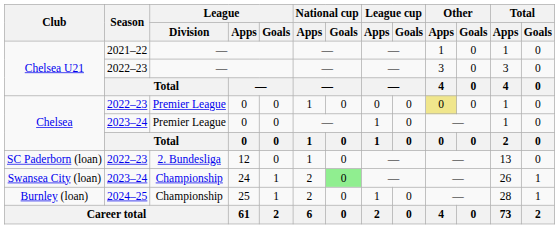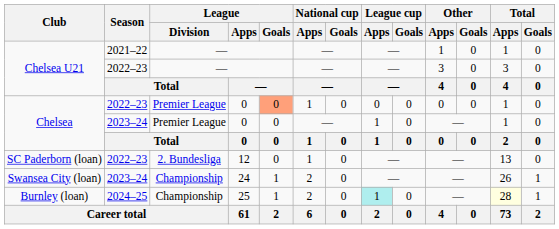 <table class="wikitable" style="text-align: center;">
 <tr>
 <th rowspan="2">Club</th>
 <th rowspan="2">Season</th>
 <th colspan="3">League</th>
 <th colspan="2">National cup</th>
 <th colspan="2">League cup</th>
 <th colspan="2">Other</th>
 <th colspan="2">Total</th>
 </tr>
 <tr>
 <th>Division</th>
 <th>Apps</th>
 <th>Goals</th>
 <th>Apps</th>
 <th>Goals</th>
 <th>Apps</th>
 <th>Goals</th>
 <th>Apps</th>
 <th>Goals</th>
 <th>Apps</th>
 <th>Goals</th>
 </tr>
 <tr>
 <td rowspan="3"><a href='#'>Chelsea U21</a></td>
 <td>2021–22</td>
 <td colspan="3">—</td>
 <td colspan="2">—</td>
 <td colspan="2">—</td>
 <td>1</td>
 <td>0</td>
 <td>1</td>
 <td>0</td>
 </tr>
 <tr>
 <td>2022–23</td>
 <td colspan="3">—</td>
 <td colspan="2">—</td>
 <td colspan="2">—</td>
 <td>3</td>
 <td>0</td>
 <td>3</td>
 <td>0</td>
 </tr>
 <tr>
 <th colspan=2>Total</th>
 <th colspan=2>—</th>
 <th colspan=2>—</th>
 <th colspan=2>—</th>
 <th>4</th>
 <th>0</th>
 <th>4</th>
 <th>0</th>
 </tr>
 <tr>
 <td rowspan="3"><a href='#'>Chelsea</a></td>
 <td><a href='#'>2022–23</a></td>
 <td><a href='#'>Premier League</a></td>
 <td>0</td>
-<td>0</td>
+<td style="background: lightsalmon;">0</td>
 <td>1</td>
 <td>0</td>
 <td>0</td>
 <td>0</td>
-<td style="background: khaki;">0</td>
+<td>0</td>
 <td>0</td>
 <td>1</td>
 <td>0</td>
 </tr>
 <tr>
 <td><a href='#'>2023–24</a></td>
 <td>Premier League</td>
 <td>0</td>
 <td>0</td>
 <td colspan="2">—</td>
 <td>1</td>
 <td>0</td>
 <td colspan="2">—</td>
 <td>1</td>
 <td>0</td>
 </tr>
 <tr>
 <th colspan=2>Total</th>
 <th>0</th>
 <th>0</th>
 <th>1</th>
 <th>0</th>
 <th>1</th>
 <th>0</th>
 <th>0</th>
 <th>0</th>
 <th>2</th>
 <th>0</th>
 </tr>
 <tr>
 <td><a href='#'>SC Paderborn</a> (loan)</td>
 <td><a href='#'>2022–23</a></td>
 <td><a href='#'>2. Bundesliga</a></td>
 <td>12</td>
 <td>0</td>
 <td>1</td>
 <td>0</td>
 <td colspan="2">—</td>
 <td colspan="2">—</td>
 <td>13</td>
 <td>0</td>
 </tr>
 <tr>
 <td><a href='#'>Swansea City</a> (loan)</td>
 <td><a href='#'>2023–24</a></td>
 <td><a href='#'>Championship</a></td>
 <td>24</td>
 <td>1</td>
 <td>2</td>
-<td style="background: lightgreen;">0</td>
+<td>0</td>
 <td colspan="2">—</td>
 <td colspan="2">—</td>
 <td>26</td>
 <td>1</td>
 </tr>
 <tr>
 <td><a href='#'>Burnley</a> (loan)</td>
 <td><a href='#'>2024–25</a></td>
 <td>Championship</td>
 <td>25</td>
 <td>1</td>
 <td>2</td>
 <td>0</td>
-<td>1</td>
+<td style="background: paleturquoise;">1</td>
 <td>0</td>
 <td colspan="2">—</td>
-<td>28</td>
+<td style="background: lightyellow;">28</td>
 <td>1</td>
 </tr>
 <tr>
 <th colspan="3">Career total</th>
 <th>61</th>
 <th>2</th>
 <th>6</th>
 <th>0</th>
 <th>2</th>
 <th>0</th>
 <th>4</th>
 <th>0</th>
 <th>73</th>
 <th>2</th>
 </tr>
 </table>
